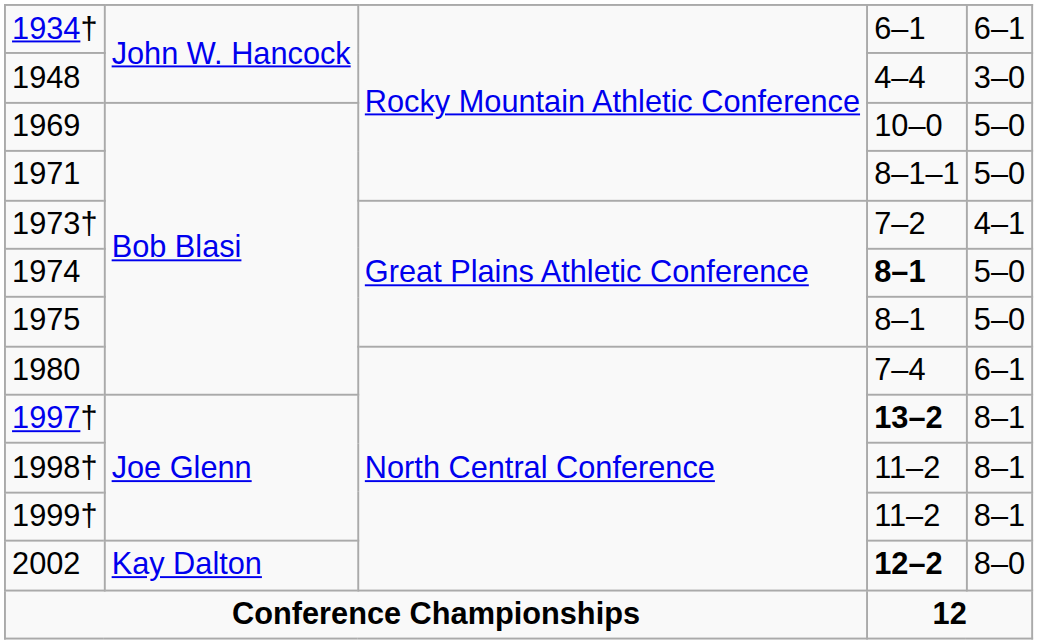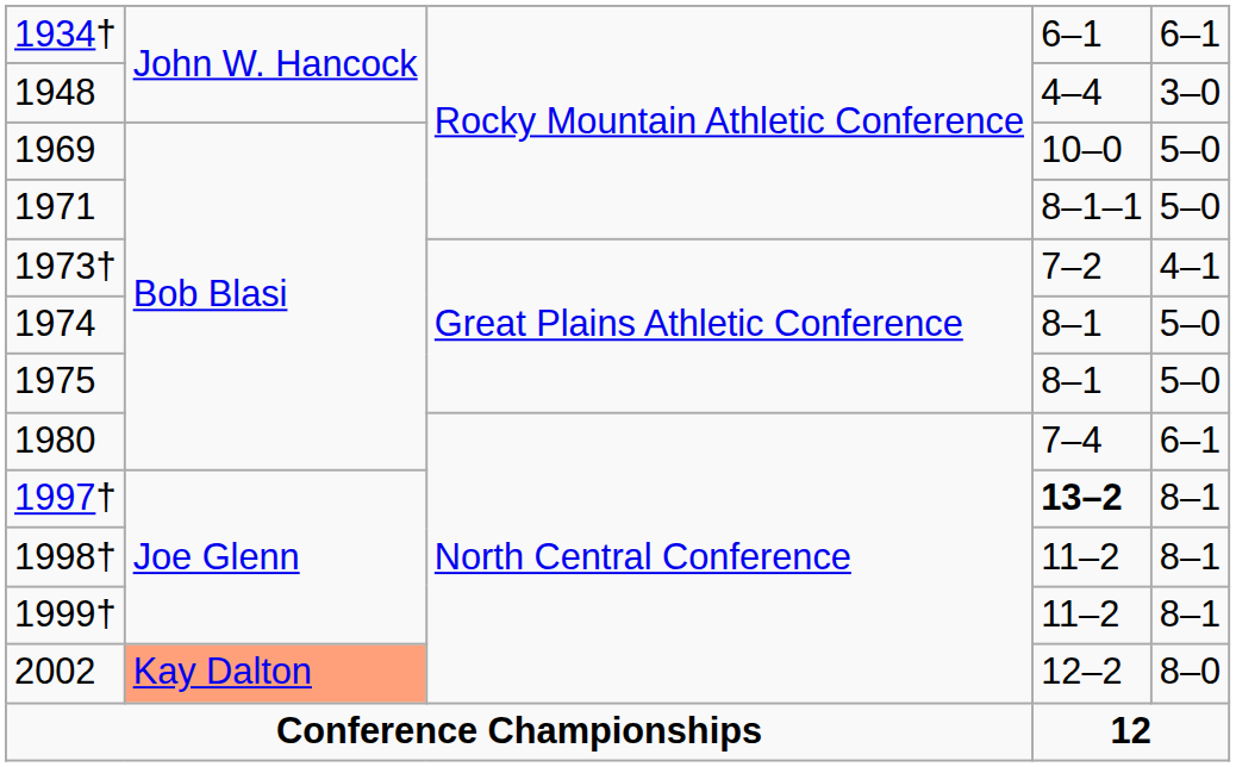 <table class="wikitable">
 <tr>
 <td><a href='#'>1934</a>†</td>
 <td rowspan="2"><a href='#'>John W. Hancock</a></td>
 <td rowspan="4"><a href='#'>Rocky Mountain Athletic Conference</a></td>
 <td>6–1</td>
 <td>6–1</td>
 </tr>
 <tr>
 <td>1948</td>
 <td>4–4</td>
 <td>3–0</td>
 </tr>
 <tr>
 <td>1969</td>
 <td rowspan="6"><a href='#'>Bob Blasi</a></td>
 <td>10–0</td>
 <td>5–0</td>
 </tr>
 <tr>
 <td>1971</td>
 <td>8–1–1</td>
 <td>5–0</td>
 </tr>
 <tr>
 <td>1973†</td>
 <td rowspan="3"><a href='#'>Great Plains Athletic Conference</a></td>
 <td>7–2</td>
 <td>4–1</td>
 </tr>
 <tr>
 <td>1974</td>
-<td><strong>8–1</strong></td>
+<td>8–1</td>
 <td>5–0</td>
 </tr>
 <tr>
 <td>1975</td>
 <td>8–1</td>
 <td>5–0</td>
 </tr>
 <tr>
 <td>1980</td>
 <td rowspan="5"><a href='#'>North Central Conference</a></td>
 <td>7–4</td>
 <td>6–1</td>
 </tr>
 <tr>
 <td><a href='#'>1997</a>†</td>
 <td rowspan=3><a href='#'>Joe Glenn</a></td>
 <td><strong>13–2</strong></td>
 <td>8–1</td>
 </tr>
 <tr>
 <td>1998†</td>
 <td>11–2</td>
 <td>8–1</td>
 </tr>
 <tr>
 <td>1999†</td>
 <td>11–2</td>
 <td>8–1</td>
 </tr>
 <tr>
 <td>2002</td>
-<td><a href='#'>Kay Dalton</a></td>
-<td><strong>12–2</strong></td>
+<td style="background: lightsalmon;"><a href='#'>Kay Dalton</a></td>
+<td>12–2</td>
 <td>8–0</td>
 </tr>
 <tr align="center">
 <td colspan=3><strong>Conference Championships</strong></td>
 <td colspan=3><strong>12</strong></td>
 </tr>
 </table>
